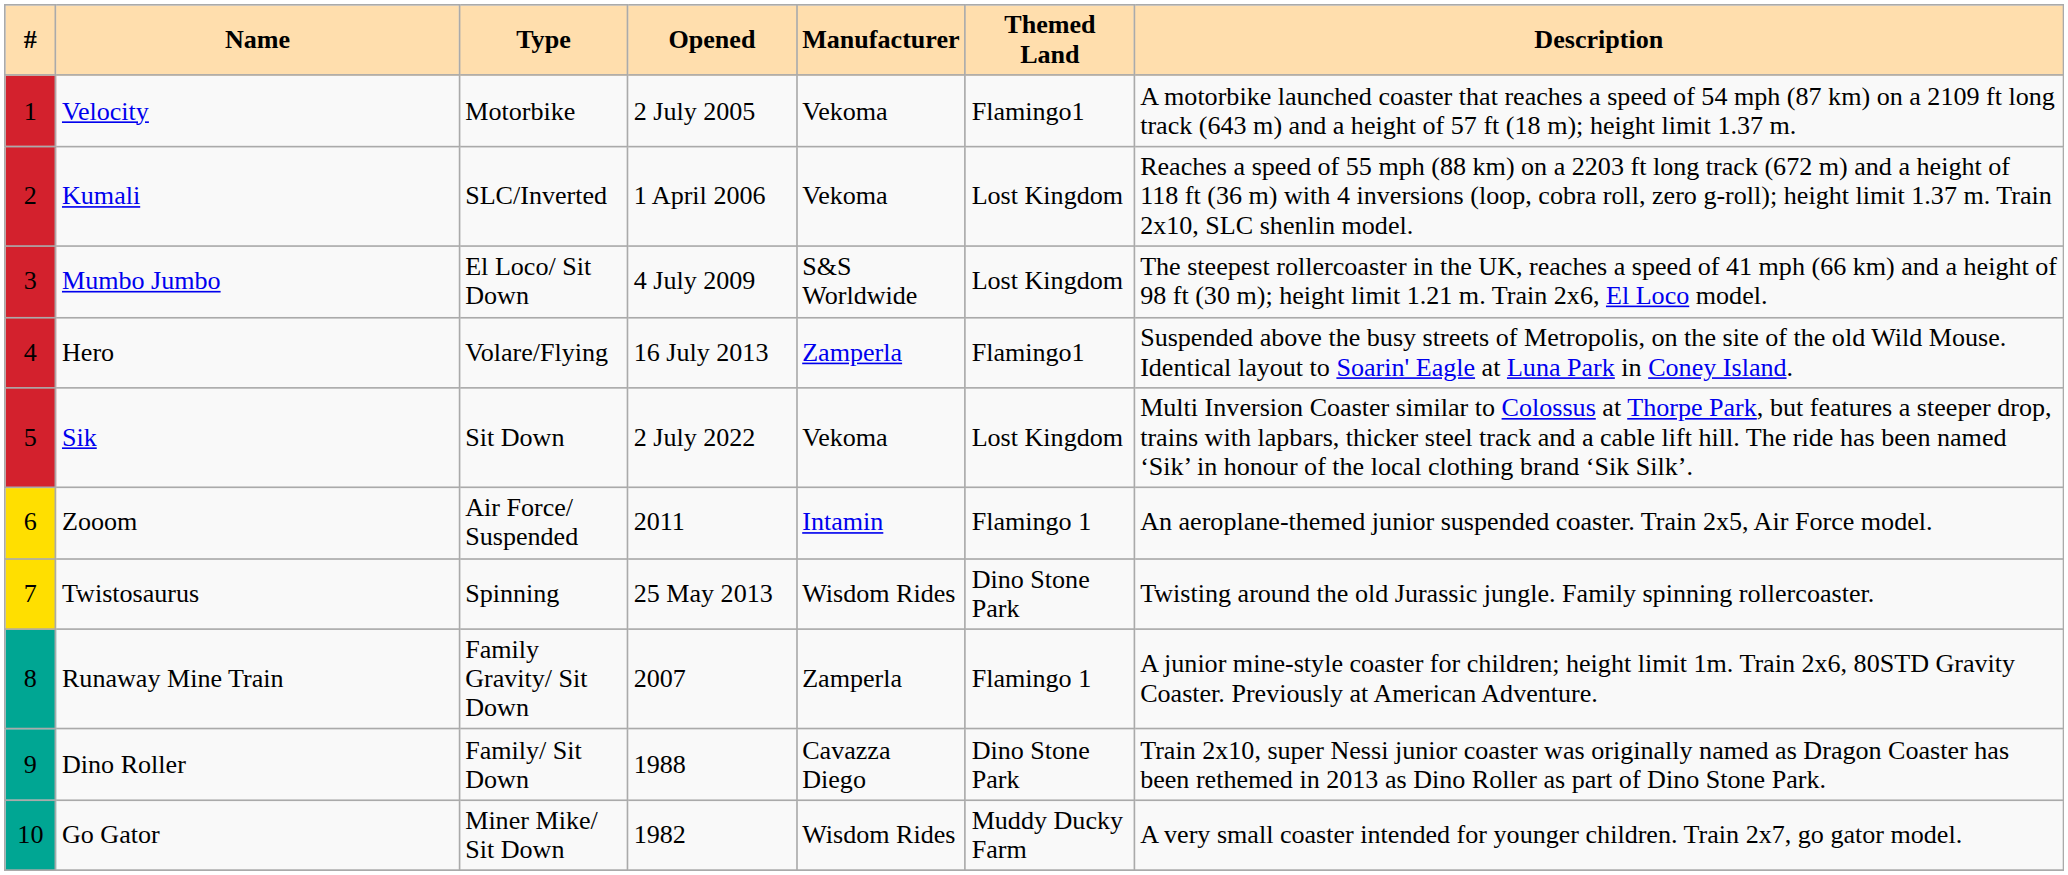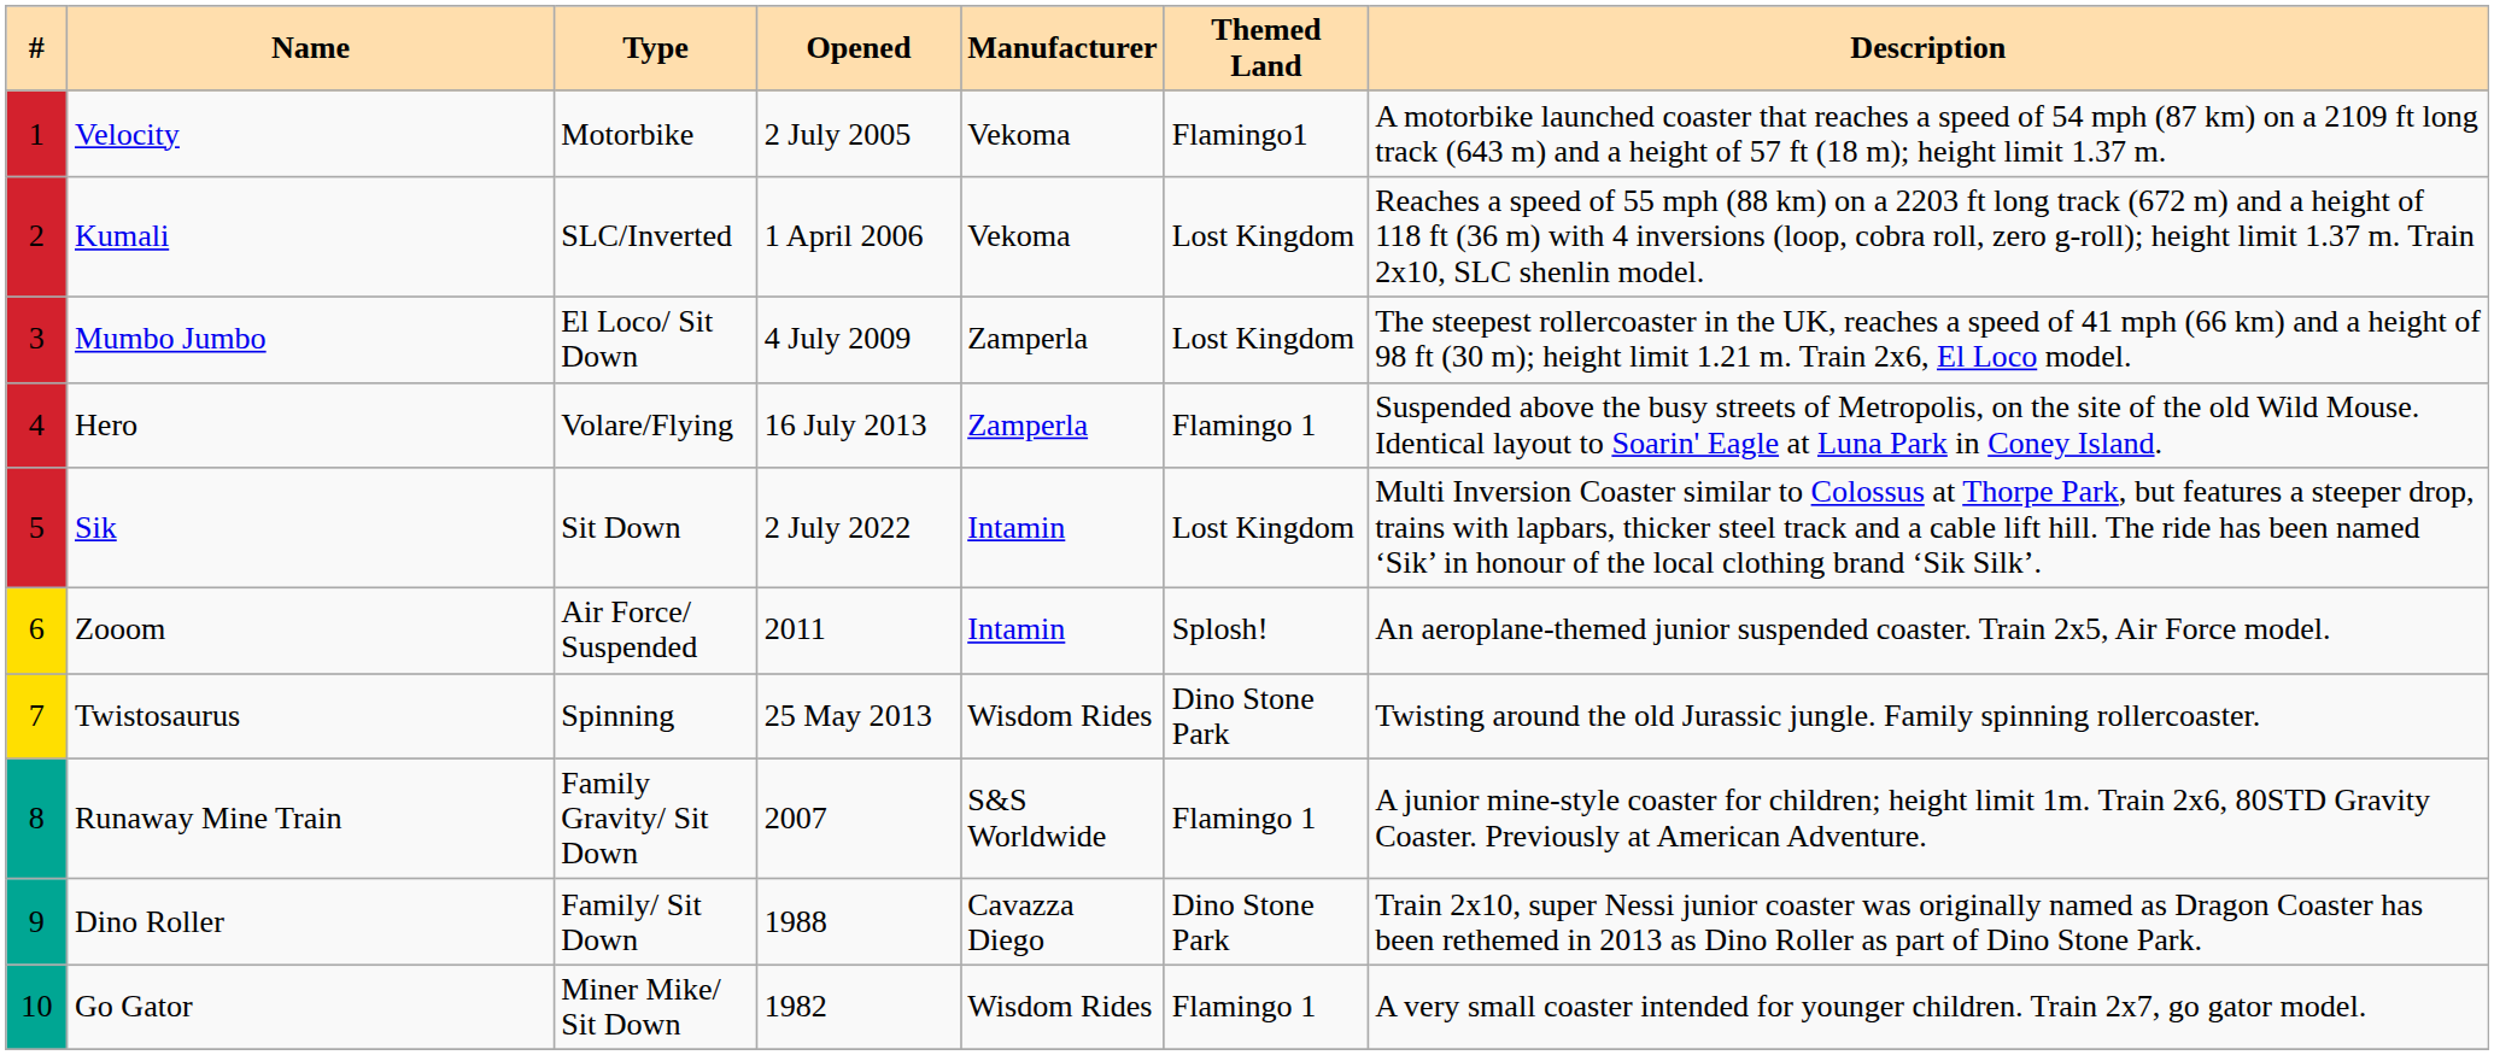 <table class="wikitable" style="width: 100%; font sizes: 95%;">
 <tr>
 <th style="background-color: #FFDEAD; width: 1.5em;">#</th>
 <th style="background-color: #FFDEAD; width: 15em;">Name</th>
 <th style="background-color: #FFDEAD; width: 6em;">Type</th>
 <th style="background-color: #FFDEAD; width: 6em;">Opened</th>
 <th style="background-color: #FFDEAD; width: 6em;">Manufacturer</th>
 <th style="background-color: #FFDEAD; width: 6em;">Themed Land</th>
 <th style="background-color: #FFDEAD;">Description</th>
 </tr>
 <tr>
 <td style="background-color: #D3212D; text-align: center;">1</td>
 <td><a href='#'>Velocity</a></td>
 <td>Motorbike</td>
 <td>2 July 2005</td>
 <td>Vekoma</td>
 <td>Flamingo1</td>
 <td>A motorbike launched coaster that reaches a speed of 54 mph (87 km) on a 2109 ft long track (643 m) and a height of 57 ft (18 m); height limit 1.37 m.</td>
 </tr>
 <tr>
 <td style="background-color: #D3212D; text-align: center;">2</td>
 <td><a href='#'>Kumali</a></td>
 <td>SLC/Inverted</td>
 <td>1 April 2006</td>
 <td>Vekoma</td>
 <td>Lost Kingdom</td>
 <td>Reaches a speed of 55 mph (88 km) on a 2203 ft long track (672 m) and a height of 118 ft (36 m) with 4 inversions (loop, cobra roll, zero g-roll); height limit 1.37 m. Train 2x10, SLC shenlin model.</td>
 </tr>
 <tr>
 <td style="background-color: #D3212D; text-align: center;">3</td>
 <td><a href='#'>Mumbo Jumbo</a></td>
 <td>El Loco/ Sit Down</td>
 <td>4 July 2009</td>
-<td>S&S Worldwide</td>
+<td>Zamperla</td>
 <td>Lost Kingdom</td>
 <td>The steepest rollercoaster in the UK, reaches a speed of 41 mph (66 km) and a height of 98 ft (30 m); height limit 1.21 m. Train 2x6, <a href='#'>El Loco</a> model.</td>
 </tr>
 <tr>
 <td style="background-color: #D3212D; text-align: center;">4</td>
 <td>Hero</td>
 <td>Volare/Flying</td>
 <td>16 July 2013</td>
 <td><a href='#'>Zamperla</a></td>
-<td>Flamingo1</td>
+<td>Flamingo 1</td>
 <td>Suspended above the busy streets of Metropolis, on the site of the old Wild Mouse. Identical layout to <a href='#'>Soarin' Eagle</a> at <a href='#'>Luna Park</a> in <a href='#'>Coney Island</a>.</td>
 </tr>
 <tr>
 <td style="background-color: #D3212D; text-align: center;">5</td>
 <td><a href='#'>Sik</a></td>
 <td>Sit Down</td>
 <td>2 July 2022</td>
-<td>Vekoma</td>
+<td><a href='#'>Intamin</a></td>
 <td>Lost Kingdom</td>
 <td>Multi Inversion Coaster similar to <a href='#'>Colossus</a> at <a href='#'>Thorpe Park</a>, but features a steeper drop, trains with lapbars, thicker steel track and a cable lift hill. The ride has been named ‘Sik’ in honour of the local clothing brand ‘Sik Silk’.</td>
 </tr>
 <tr>
 <td style="background-color: #FFDF00; text-align: center;">6</td>
 <td>Zooom</td>
 <td>Air Force/ Suspended</td>
 <td>2011</td>
 <td><a href='#'>Intamin</a></td>
-<td>Flamingo 1</td>
+<td>Splosh!</td>
 <td>An aeroplane-themed junior suspended coaster. Train 2x5, Air Force model.</td>
 </tr>
 <tr>
 <td style="background-color: #FFDF00; text-align: center;">7</td>
 <td>Twistosaurus</td>
 <td>Spinning</td>
 <td>25 May 2013</td>
 <td>Wisdom Rides</td>
 <td>Dino Stone Park</td>
 <td>Twisting around the old Jurassic jungle. Family spinning rollercoaster.</td>
 </tr>
 <tr>
 <td style="background-color: #00A693; text-align: center;">8</td>
 <td>Runaway Mine Train</td>
 <td>Family Gravity/ Sit Down</td>
 <td>2007</td>
-<td>Zamperla</td>
+<td>S&S Worldwide</td>
 <td>Flamingo 1</td>
 <td>A junior mine-style coaster for children; height limit 1m. Train 2x6, 80STD Gravity Coaster. Previously at American Adventure.</td>
 </tr>
 <tr>
 <td style="background-color: #00A693; text-align: center;">9</td>
 <td>Dino Roller</td>
 <td>Family/ Sit Down</td>
 <td>1988</td>
 <td>Cavazza Diego</td>
 <td>Dino Stone Park</td>
 <td>Train 2x10, super Nessi junior coaster was originally named as Dragon Coaster has been rethemed in 2013 as Dino Roller as part of Dino Stone Park.</td>
 </tr>
 <tr>
 <td style="background-color: #00A693; text-align: center;">10</td>
 <td>Go Gator</td>
 <td>Miner Mike/ Sit Down</td>
 <td>1982</td>
 <td>Wisdom Rides</td>
-<td>Muddy Ducky Farm</td>
+<td>Flamingo 1</td>
 <td>A very small coaster intended for younger children. Train 2x7, go gator model.</td>
 </tr>
 <tr>
 </tr>
 </table>
